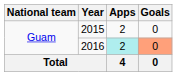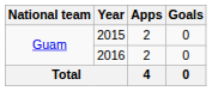 <table class="wikitable" style="text-align:center">
 <tr>
 <th>National team</th>
 <th>Year</th>
 <th>Apps</th>
 <th>Goals</th>
 </tr>
 <tr>
 <td rowspan="2"><a href='#'>Guam</a></td>
 <td>2015</td>
 <td>2</td>
 <td>0</td>
 </tr>
 <tr>
 <td>2016</td>
-<td style="background: paleturquoise;">2</td>
-<td style="background: lightsalmon;">0</td>
+<td>2</td>
+<td>0</td>
 </tr>
 <tr>
 <th colspan=2>Total</th>
 <th>4</th>
 <th>0</th>
 </tr>
 </table>
